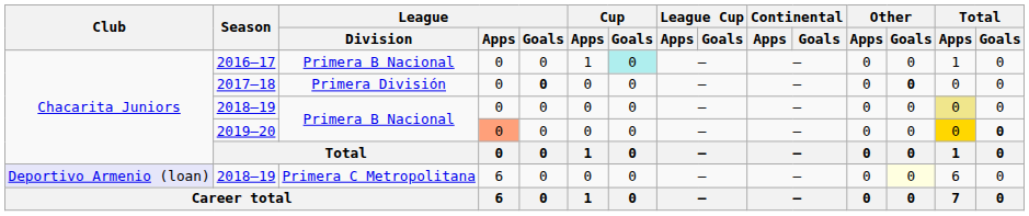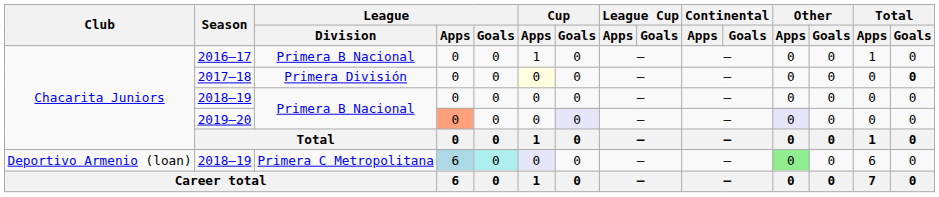 <table class="wikitable" style="text-align:center">
 <tr>
 <th rowspan="2">Club</th>
 <th rowspan="2">Season</th>
 <th colspan="3">League</th>
 <th colspan="2">Cup</th>
 <th colspan="2">League Cup</th>
 <th colspan="2">Continental</th>
 <th colspan="2">Other</th>
 <th colspan="2">Total</th>
 </tr>
 <tr>
 <th>Division</th>
 <th>Apps</th>
 <th>Goals</th>
 <th>Apps</th>
 <th>Goals</th>
 <th>Apps</th>
 <th>Goals</th>
 <th>Apps</th>
 <th>Goals</th>
 <th>Apps</th>
 <th>Goals</th>
 <th>Apps</th>
 <th>Goals</th>
 </tr>
 <tr>
 <td rowspan="5"><a href='#'>Chacarita Juniors</a></td>
 <td><a href='#'>2016–17</a></td>
 <td rowspan="1"><a href='#'>Primera B Nacional</a></td>
 <td>0</td>
 <td>0</td>
 <td>1</td>
-<td style="background: paleturquoise;">0</td>
+<td>0</td>
 <td colspan="2">—</td>
 <td colspan="2">—</td>
 <td>0</td>
 <td>0</td>
 <td>1</td>
 <td>0</td>
 </tr>
 <tr>
 <td><a href='#'>2017–18</a></td>
 <td rowspan="1"><a href='#'>Primera División</a></td>
 <td>0</td>
-<td><strong>0</strong></td>
 <td>0</td>
+<td style="background: lightyellow;">0</td>
 <td>0</td>
 <td colspan="2">—</td>
 <td colspan="2">—</td>
 <td>0</td>
-<td><strong>0</strong></td>
 <td>0</td>
 <td>0</td>
+<td><strong>0</strong></td>
 </tr>
 <tr>
 <td><a href='#'>2018–19</a></td>
 <td rowspan="2"><a href='#'>Primera B Nacional</a></td>
 <td>0</td>
 <td>0</td>
 <td>0</td>
 <td>0</td>
 <td colspan="2">—</td>
 <td colspan="2">—</td>
 <td>0</td>
 <td>0</td>
-<td style="background: khaki;">0</td>
+<td>0</td>
 <td>0</td>
 </tr>
 <tr>
 <td><a href='#'>2019–20</a></td>
 <td style="background: lightsalmon;">0</td>
 <td>0</td>
 <td>0</td>
-<td>0</td>
+<td style="background: lavender;">0</td>
 <td colspan="2">—</td>
 <td colspan="2">—</td>
+<td style="background: lavender;">0</td>
 <td>0</td>
 <td>0</td>
-<td style="background: gold;">0</td>
-<td><strong>0</strong></td>
+<td>0</td>
 </tr>
 <tr>
 <th colspan="2">Total</th>
 <th>0</th>
 <th>0</th>
 <th>1</th>
 <th>0</th>
 <th colspan="2">—</th>
 <th colspan="2">—</th>
 <th>0</th>
 <th>0</th>
 <th>1</th>
 <th>0</th>
 </tr>
 <tr>
-<td rowspan="1" style="background: lavender;"><a href='#'>Deportivo Armenio</a> (loan)</td>
+<td rowspan="1"><a href='#'>Deportivo Armenio</a> (loan)</td>
 <td><a href='#'>2018–19</a></td>
 <td rowspan="1"><a href='#'>Primera C Metropolitana</a></td>
-<td>6</td>
-<td>0</td>
-<td>0</td>
+<td style="background: lightblue;">6</td>
+<td style="background: paleturquoise;">0</td>
+<td style="background: lavender;">0</td>
 <td>0</td>
 <td colspan="2">—</td>
 <td colspan="2">—</td>
+<td style="background: lightgreen;">0</td>
 <td>0</td>
-<td style="background: lightyellow;">0</td>
 <td>6</td>
 <td>0</td>
 </tr>
 <tr>
 <th colspan="3">Career total</th>
 <th>6</th>
 <th>0</th>
 <th>1</th>
 <th>0</th>
 <th colspan="2">—</th>
 <th colspan="2">—</th>
 <th>0</th>
 <th>0</th>
 <th>7</th>
 <th>0</th>
 </tr>
 </table>
